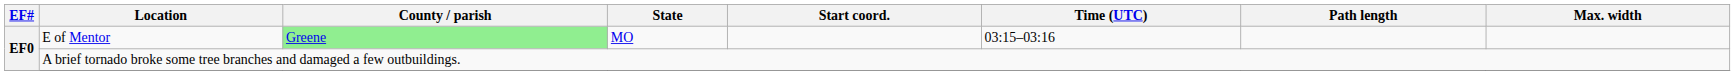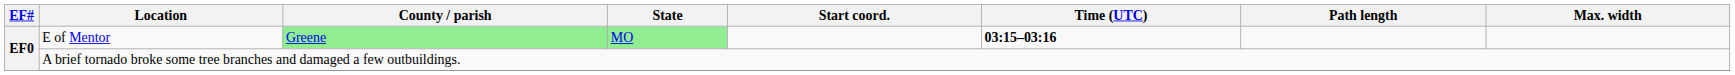 <table class="wikitable sortable" style="width:100%;">
 <tr>
 <th scope="col" width="2%" align="center"><a href='#'>EF#</a></th>
 <th scope="col" align="center" class="unsortable">Location</th>
 <th scope="col" align="center" class="unsortable">County / parish</th>
 <th scope="col" align="center">State</th>
 <th scope="col" align="center">Start coord.</th>
 <th scope="col" align="center">Time (<a href='#'>UTC</a>)</th>
 <th scope="col" align="center">Path length</th>
 <th scope="col" align="center">Max. width</th>
 </tr>
 <tr>
 <th scope="row" rowspan="2" style="background-color:#">EF0</th>
 <td>E of <a href='#'>Mentor</a></td>
 <td style="background: lightgreen;"><a href='#'>Greene</a></td>
-<td><a href='#'>MO</a></td>
+<td style="background: lightgreen;"><a href='#'>MO</a></td>
 <td></td>
-<td>03:15–03:16</td>
+<td><strong>03:15–03:16</strong></td>
 <td></td>
 <td></td>
 </tr>
 <tr class="expand-child">
 <td colspan="8" style=" border-bottom: 1px solid black;">A brief tornado broke some tree branches and damaged a few outbuildings.</td>
 </tr>
 <tr>
 </tr>
 </table>
